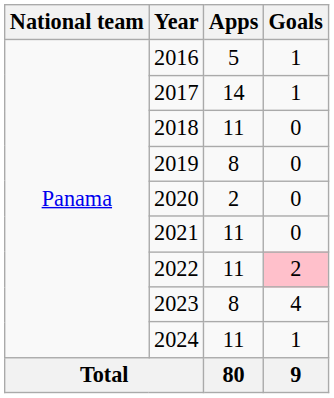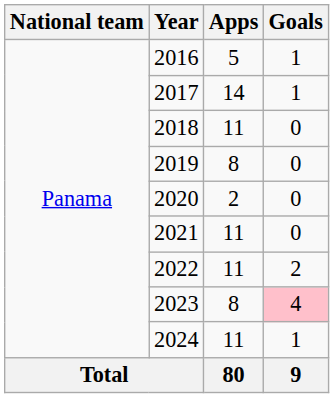 <table class="wikitable" style="text-align:center">
 <tr>
 <th>National team</th>
 <th>Year</th>
 <th>Apps</th>
 <th>Goals</th>
 </tr>
 <tr>
 <td rowspan="9"><a href='#'>Panama</a></td>
 <td>2016</td>
 <td>5</td>
 <td>1</td>
 </tr>
 <tr>
 <td>2017</td>
 <td>14</td>
 <td>1</td>
 </tr>
 <tr>
 <td>2018</td>
 <td>11</td>
 <td>0</td>
 </tr>
 <tr>
 <td>2019</td>
 <td>8</td>
 <td>0</td>
 </tr>
 <tr>
 <td>2020</td>
 <td>2</td>
 <td>0</td>
 </tr>
 <tr>
 <td>2021</td>
 <td>11</td>
 <td>0</td>
 </tr>
 <tr>
 <td>2022</td>
 <td>11</td>
-<td style="background: pink;">2</td>
+<td>2</td>
 </tr>
 <tr>
 <td>2023</td>
 <td>8</td>
-<td>4</td>
+<td style="background: pink;">4</td>
 </tr>
 <tr>
 <td>2024</td>
 <td>11</td>
 <td>1</td>
 </tr>
 <tr>
 <th colspan="2">Total</th>
 <th>80</th>
 <th>9</th>
 </tr>
 </table>
